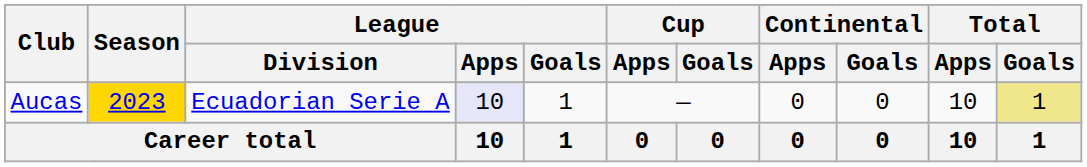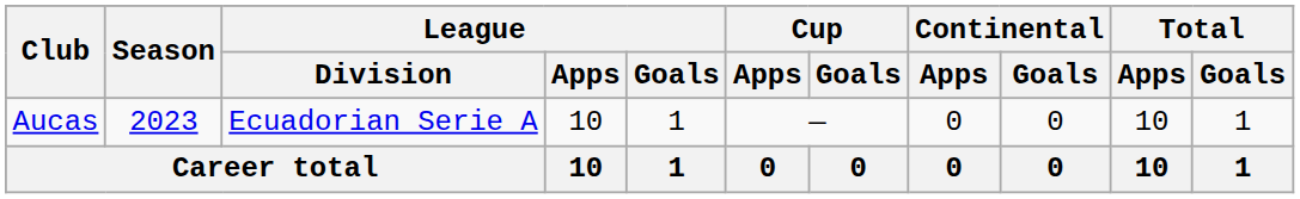 <table class="wikitable" style="text-align: center;">
 <tr>
 <th rowspan="2">Club</th>
 <th rowspan="2">Season</th>
 <th colspan="3">League</th>
 <th colspan="2">Cup</th>
 <th colspan="2">Continental</th>
 <th colspan="2">Total</th>
 </tr>
 <tr>
 <th>Division</th>
 <th>Apps</th>
 <th>Goals</th>
 <th>Apps</th>
 <th>Goals</th>
 <th>Apps</th>
 <th>Goals</th>
 <th>Apps</th>
 <th>Goals</th>
 </tr>
 <tr>
 <td><a href='#'>Aucas</a></td>
-<td style="background: gold;"><a href='#'>2023</a></td>
+<td><a href='#'>2023</a></td>
 <td><a href='#'>Ecuadorian Serie A</a></td>
-<td style="background: lavender;">10</td>
+<td>10</td>
 <td>1</td>
 <td colspan="2">—</td>
 <td>0</td>
 <td>0</td>
 <td>10</td>
-<td style="background: khaki;">1</td>
+<td>1</td>
 </tr>
 <tr>
 <th colspan="3">Career total</th>
 <th>10</th>
 <th>1</th>
 <th>0</th>
 <th>0</th>
 <th>0</th>
 <th>0</th>
 <th>10</th>
 <th>1</th>
 </tr>
 </table>
